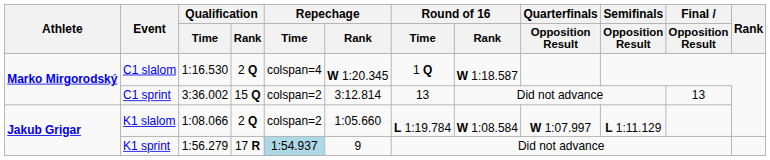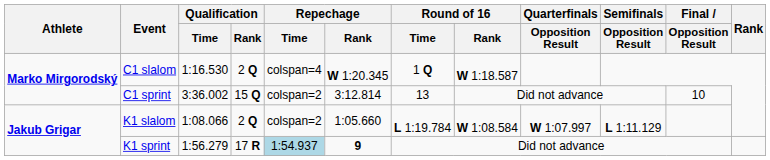 <table class="wikitable" style="font-size:90%;">
 <tr>
 <th rowspan=2>Athlete</th>
 <th rowspan=2>Event</th>
 <th colspan=2>Qualification</th>
 <th colspan=2>Repechage</th>
 <th colspan=2>Round of 16</th>
 <th>Quarterfinals</th>
 <th>Semifinals</th>
 <th>Final / </th>
 <th rowspan=2>Rank</th>
 </tr>
 <tr style="font-size:95%">
 <th>Time</th>
 <th>Rank</th>
 <th>Time</th>
 <th>Rank</th>
 <th>Time</th>
 <th>Rank</th>
 <th>Opposition <br>Result</th>
 <th>Opposition <br>Result</th>
 <th>Opposition <br>Result</th>
 </tr>
 <tr align=center>
 <td rowspan=2 align=left><strong><a href='#'>Marko Mirgorodský</a></strong></td>
 <td align=left><a href='#'>C1 slalom</a></td>
 <td>1:16.530</td>
 <td>2 <strong>Q</strong></td>
 <td>colspan=4 </td>
 <td><br><strong>W</strong> 1:20.345</td>
 <td>1 <strong>Q</strong></td>
 <td><br><strong>W</strong> 1:18.587</td>
 <td></td>
 </tr>
 <tr align=center>
 <td align=left><a href='#'>C1 sprint</a></td>
 <td>3:36.002</td>
 <td>15 <strong>Q</strong></td>
 <td>colspan=2 </td>
 <td>3:12.814</td>
 <td>13</td>
 <td colspan=3>Did not advance</td>
-<td>13</td>
+<td>10</td>
 </tr>
 <tr align=center>
 <td rowspan=2 align=left><strong><a href='#'>Jakub Grigar</a></strong></td>
 <td align=left><a href='#'>K1 slalom</a></td>
 <td>1:08.066</td>
 <td>2 <strong>Q</strong></td>
 <td>colspan=2 </td>
 <td>1:05.660</td>
 <td><br><strong>L</strong> 1:19.784</td>
 <td><br><strong>W</strong> 1:08.584</td>
 <td><br><strong>W</strong> 1:07.997</td>
 <td><br><strong>L</strong> 1:11.129</td>
 <td></td>
 </tr>
 <tr align=center>
 <td align=left><a href='#'>K1 sprint</a></td>
 <td>1:56.279</td>
 <td>17 <strong>R</strong></td>
 <td style="background: lightblue;">1:54.937</td>
-<td>9</td>
+<td><strong>9</strong></td>
 <td colspan=5>Did not advance</td>
 <td></td>
 </tr>
 </table>
